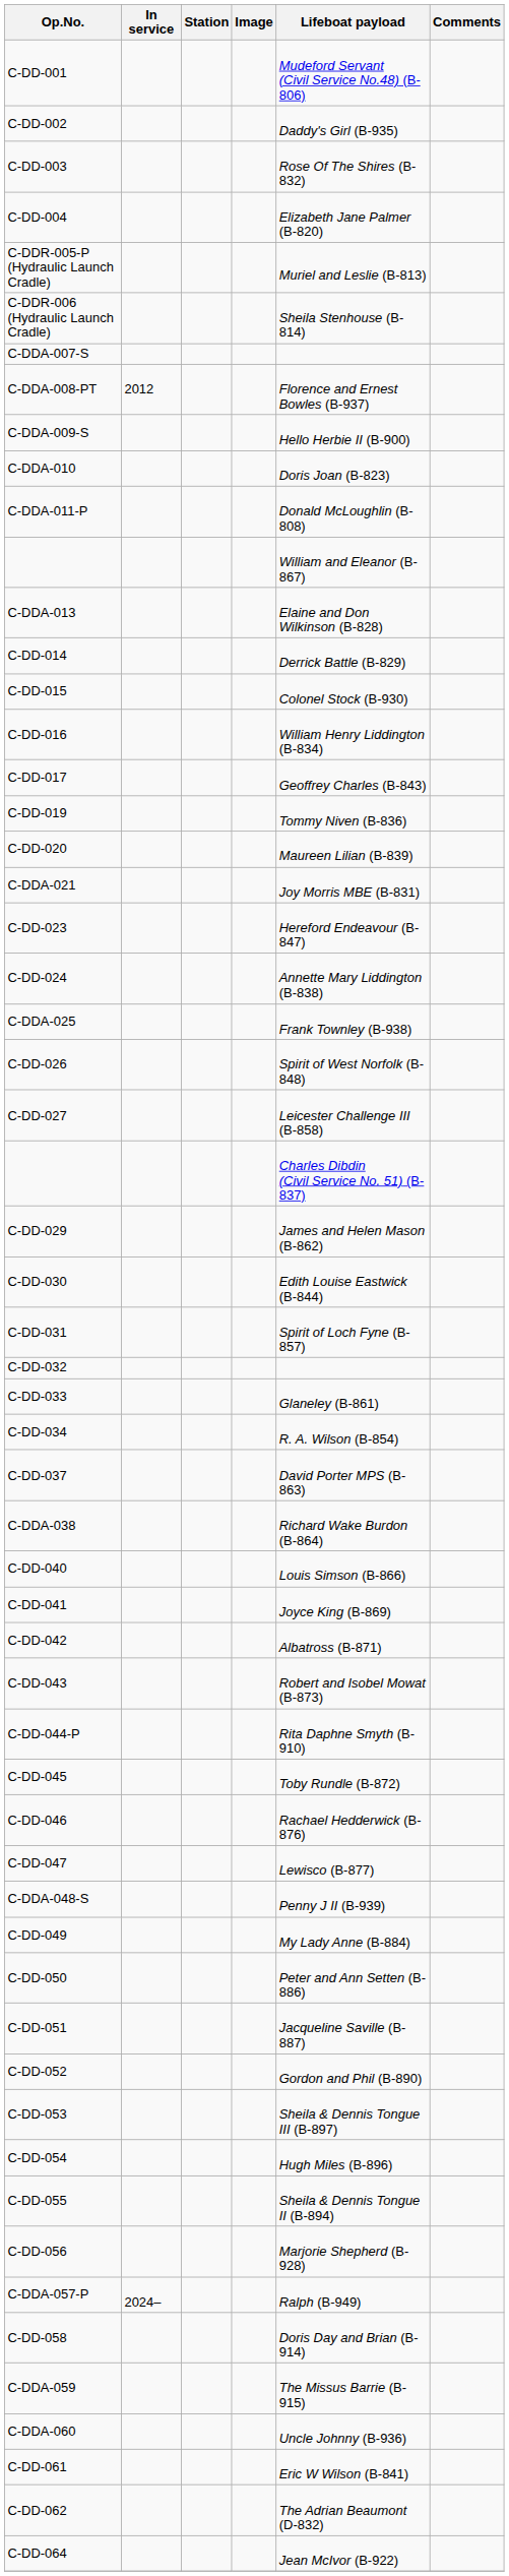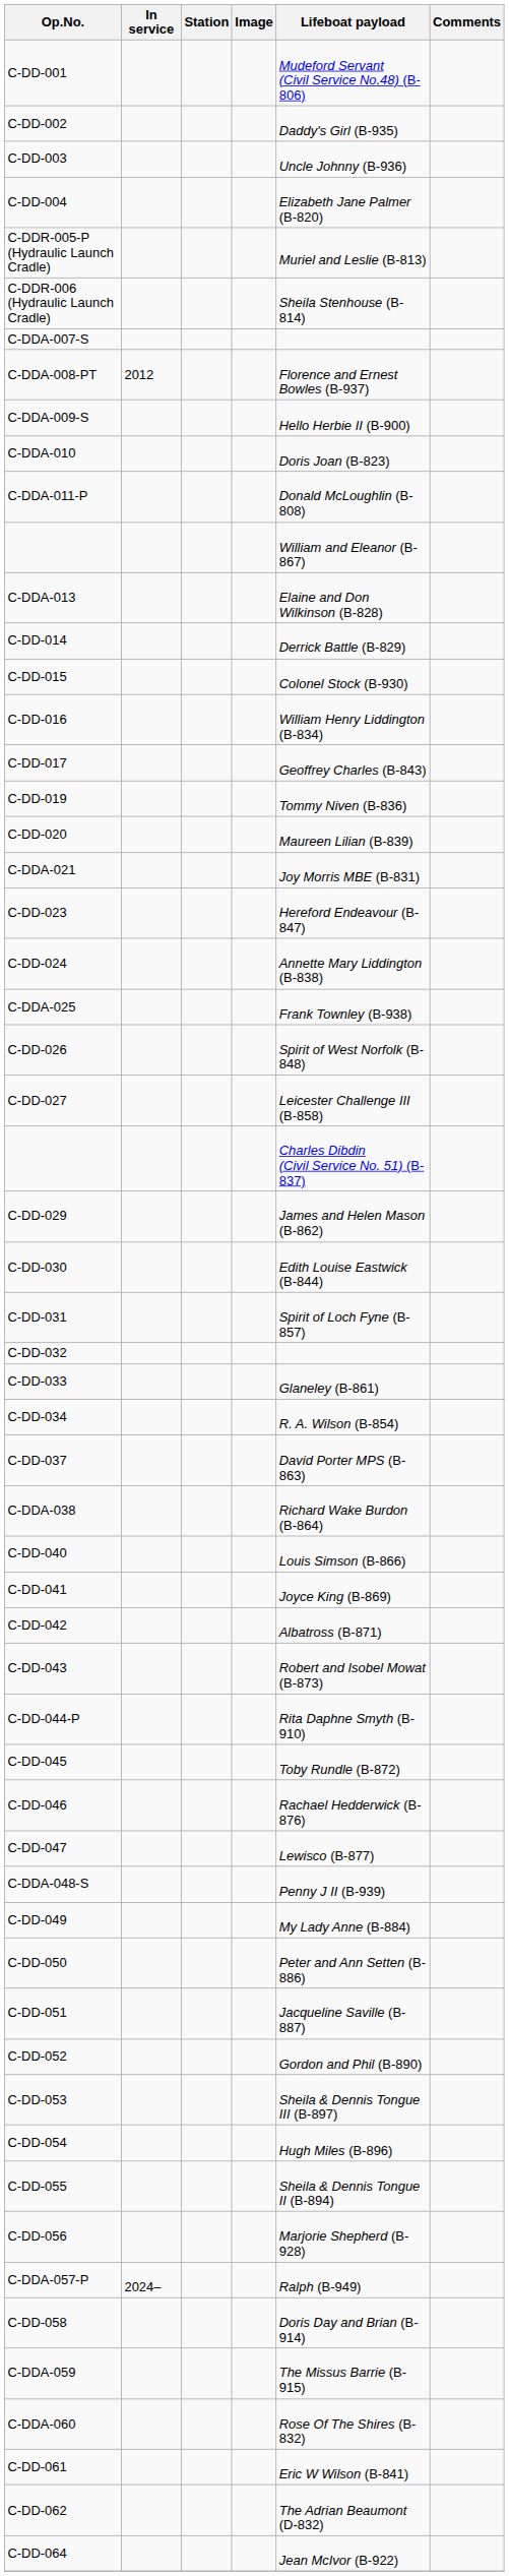 <table class="wikitable">
 <tr>
 <th>Op.No.</th>
 <th>In service</th>
 <th>Station</th>
 <th>Image</th>
 <th>Lifeboat payload</th>
 <th>Comments</th>
 </tr>
 <tr>
 <td>C-DD-001</td>
 <td></td>
 <td></td>
 <td></td>
 <td><br><a href='#'><em>Mudeford Servant<br>(Civil Service No.48)</em> (B-806)</a></td>
 <td></td>
 </tr>
 <tr>
 <td>C-DD-002</td>
 <td></td>
 <td></td>
 <td></td>
 <td><br><em>Daddy's Girl</em> (B-935)</td>
 <td></td>
 </tr>
 <tr>
 <td>C-DD-003</td>
 <td></td>
 <td></td>
 <td></td>
-<td><br><em>Rose Of The Shires</em> (B-832)</td>
+<td><br><em>Uncle Johnny</em> (B-936)</td>
 <td></td>
 </tr>
 <tr>
 <td>C-DD-004</td>
 <td></td>
 <td></td>
 <td></td>
 <td><br><em>Elizabeth Jane Palmer</em> (B-820)</td>
 <td></td>
 </tr>
 <tr>
 <td>C-DDR-005-P <br>(Hydraulic Launch Cradle)</td>
 <td></td>
 <td></td>
 <td></td>
 <td><br><em>Muriel and Leslie</em> (B-813)</td>
 <td></td>
 </tr>
 <tr>
 <td>C-DDR-006 <br>(Hydraulic Launch Cradle)</td>
 <td></td>
 <td></td>
 <td></td>
 <td><br><em>Sheila Stenhouse</em> (B-814)</td>
 <td></td>
 </tr>
 <tr>
 <td>C-DDA-007-S</td>
 <td></td>
 <td></td>
 <td></td>
 <td><br></td>
 <td></td>
 </tr>
 <tr>
 <td>C-DDA-008-PT</td>
 <td>2012</td>
 <td></td>
 <td></td>
 <td><br><em>Florence and Ernest Bowles</em> (B-937)</td>
 <td></td>
 </tr>
 <tr>
 <td>C-DDA-009-S</td>
 <td></td>
 <td></td>
 <td></td>
 <td><br><em>Hello Herbie II</em> (B-900)</td>
 <td></td>
 </tr>
 <tr>
 <td>C-DDA-010</td>
 <td></td>
 <td></td>
 <td></td>
 <td><br><em>Doris Joan</em> (B-823)</td>
 <td></td>
 </tr>
 <tr>
 <td>C-DDA-011-P</td>
 <td></td>
 <td></td>
 <td></td>
 <td><br><em>Donald McLoughlin</em> (B-808)</td>
 <td></td>
 </tr>
 <tr>
 <td></td>
 <td></td>
 <td></td>
 <td></td>
 <td><br><em>William and Eleanor</em> (B-867)</td>
 <td></td>
 </tr>
 <tr>
 <td>C-DDA-013</td>
 <td></td>
 <td></td>
 <td></td>
 <td><br><em>Elaine and Don Wilkinson</em> (B-828)</td>
 <td></td>
 </tr>
 <tr>
 <td>C-DD-014</td>
 <td></td>
 <td></td>
 <td></td>
 <td><br><em>Derrick Battle</em> (B-829)</td>
 <td></td>
 </tr>
 <tr>
 <td>C-DD-015</td>
 <td></td>
 <td></td>
 <td></td>
 <td><br><em>Colonel Stock</em> (B-930)</td>
 <td></td>
 </tr>
 <tr>
 <td>C-DD-016</td>
 <td></td>
 <td></td>
 <td></td>
 <td><br><em>William Henry Liddington</em> (B-834)</td>
 <td></td>
 </tr>
 <tr>
 <td>C-DD-017</td>
 <td></td>
 <td></td>
 <td></td>
 <td><br><em>Geoffrey Charles</em> (B-843)</td>
 <td></td>
 </tr>
 <tr>
 <td>C-DD-019</td>
 <td></td>
 <td></td>
 <td></td>
 <td><br><em>Tommy Niven</em> (B-836)</td>
 <td></td>
 </tr>
 <tr>
 <td>C-DD-020</td>
 <td></td>
 <td></td>
 <td></td>
 <td><br><em>Maureen Lilian</em> (B-839)</td>
 <td></td>
 </tr>
 <tr>
 <td>C-DDA-021</td>
 <td></td>
 <td></td>
 <td></td>
 <td><br><em>Joy Morris MBE</em> (B-831)</td>
 <td></td>
 </tr>
 <tr>
 <td>C-DD-023</td>
 <td></td>
 <td></td>
 <td></td>
 <td><br><em>Hereford Endeavour</em> (B-847)</td>
 <td></td>
 </tr>
 <tr>
 <td>C-DD-024</td>
 <td></td>
 <td></td>
 <td></td>
 <td><br><em>Annette Mary Liddington</em> (B-838)</td>
 <td></td>
 </tr>
 <tr>
 <td>C-DDA-025</td>
 <td></td>
 <td></td>
 <td></td>
 <td><br><em>Frank Townley</em> (B-938)</td>
 <td></td>
 </tr>
 <tr>
 <td>C-DD-026</td>
 <td></td>
 <td></td>
 <td></td>
 <td><br><em>Spirit of West Norfolk</em> (B-848)</td>
 <td></td>
 </tr>
 <tr>
 <td>C-DD-027</td>
 <td></td>
 <td></td>
 <td></td>
 <td><br><em>Leicester Challenge III</em> (B-858)</td>
 <td></td>
 </tr>
 <tr>
 <td></td>
 <td></td>
 <td></td>
 <td></td>
 <td><br><a href='#'><em>Charles Dibdin<br>(Civil Service No. 51)</em> (B-837)</a></td>
 <td></td>
 </tr>
 <tr>
 <td>C-DD-029</td>
 <td></td>
 <td></td>
 <td></td>
 <td><br><em>James and Helen Mason</em> (B-862)</td>
 <td></td>
 </tr>
 <tr>
 <td>C-DD-030</td>
 <td></td>
 <td></td>
 <td></td>
 <td><br><em>Edith Louise Eastwick</em> (B-844)</td>
 <td></td>
 </tr>
 <tr>
 <td>C-DD-031</td>
 <td></td>
 <td></td>
 <td></td>
 <td><br><em>Spirit of Loch Fyne</em> (B-857)</td>
 <td></td>
 </tr>
 <tr>
 <td>C-DD-032</td>
 <td></td>
 <td></td>
 <td></td>
 <td><br></td>
 <td></td>
 </tr>
 <tr>
 <td>C-DD-033</td>
 <td></td>
 <td></td>
 <td></td>
 <td><br><em>Glaneley</em> (B-861)</td>
 <td></td>
 </tr>
 <tr>
 <td>C-DD-034</td>
 <td></td>
 <td></td>
 <td></td>
 <td><br><em>R. A. Wilson</em> (B-854)</td>
 <td></td>
 </tr>
 <tr>
 <td>C-DD-037</td>
 <td></td>
 <td></td>
 <td></td>
 <td><br><em>David Porter MPS</em> (B-863)</td>
 <td></td>
 </tr>
 <tr>
 <td>C-DDA-038</td>
 <td></td>
 <td></td>
 <td></td>
 <td><br><em>Richard Wake Burdon</em> (B-864)</td>
 </tr>
 <tr>
 <td>C-DD-040</td>
 <td></td>
 <td></td>
 <td></td>
 <td><br><em>Louis Simson</em> (B-866)</td>
 <td></td>
 </tr>
 <tr>
 <td>C-DD-041</td>
 <td></td>
 <td></td>
 <td></td>
 <td><br><em>Joyce King</em> (B-869)</td>
 <td></td>
 </tr>
 <tr>
 <td>C-DD-042</td>
 <td></td>
 <td></td>
 <td></td>
 <td><br><em>Albatross</em> (B-871)</td>
 <td></td>
 </tr>
 <tr>
 <td>C-DD-043</td>
 <td></td>
 <td></td>
 <td></td>
 <td><br><em>Robert and Isobel Mowat</em> (B-873)</td>
 <td></td>
 </tr>
 <tr>
 <td>C-DD-044-P</td>
 <td></td>
 <td></td>
 <td></td>
 <td><br><em>Rita Daphne Smyth</em> (B-910)</td>
 <td></td>
 </tr>
 <tr>
 <td>C-DD-045</td>
 <td></td>
 <td></td>
 <td></td>
 <td><br><em>Toby Rundle</em> (B-872)</td>
 <td></td>
 </tr>
 <tr>
 <td>C-DD-046</td>
 <td></td>
 <td></td>
 <td></td>
 <td><br><em>Rachael Hedderwick</em> (B-876)</td>
 <td></td>
 </tr>
 <tr>
 <td>C-DD-047</td>
 <td></td>
 <td></td>
 <td></td>
 <td><br><em>Lewisco</em> (B-877)</td>
 <td></td>
 </tr>
 <tr>
 <td>C-DDA-048-S</td>
 <td></td>
 <td></td>
 <td></td>
 <td><br><em>Penny J II</em> (B-939)</td>
 <td></td>
 </tr>
 <tr>
 <td>C-DD-049</td>
 <td></td>
 <td></td>
 <td></td>
 <td><br><em>My Lady Anne</em> (B-884)</td>
 <td></td>
 </tr>
 <tr>
 <td>C-DD-050</td>
 <td></td>
 <td></td>
 <td></td>
 <td><br><em>Peter and Ann Setten</em> (B-886)</td>
 <td></td>
 </tr>
 <tr>
 <td>C-DD-051</td>
 <td></td>
 <td></td>
 <td></td>
 <td><br><em>Jacqueline Saville</em> (B-887)</td>
 <td></td>
 </tr>
 <tr>
 <td>C-DD-052</td>
 <td></td>
 <td></td>
 <td></td>
 <td><br><em>Gordon and Phil</em> (B-890)</td>
 <td></td>
 </tr>
 <tr>
 <td>C-DD-053</td>
 <td></td>
 <td></td>
 <td></td>
 <td><br><em>Sheila & Dennis Tongue III</em> (B-897)</td>
 <td></td>
 </tr>
 <tr>
 <td>C-DD-054</td>
 <td></td>
 <td></td>
 <td></td>
 <td><br><em>Hugh Miles</em> (B-896)</td>
 <td></td>
 </tr>
 <tr>
 <td>C-DD-055</td>
 <td></td>
 <td></td>
 <td></td>
 <td><br><em>Sheila & Dennis Tongue II</em> (B-894)</td>
 <td></td>
 </tr>
 <tr>
 <td>C-DD-056</td>
 <td></td>
 <td></td>
 <td></td>
 <td><br><em>Marjorie Shepherd</em> (B-928)</td>
 <td></td>
 </tr>
 <tr>
 <td>C-DDA-057-P</td>
 <td><br>2024–</td>
 <td><br></td>
 <td></td>
 <td><br><em>Ralph</em> (B-949)</td>
 <td></td>
 </tr>
 <tr>
 <td>C-DD-058</td>
 <td></td>
 <td></td>
 <td></td>
 <td><br><em>Doris Day and Brian</em> (B-914)</td>
 <td></td>
 </tr>
 <tr>
 <td>C-DDA-059</td>
 <td></td>
 <td></td>
 <td></td>
 <td><br><em>The Missus Barrie</em> (B-915)</td>
 <td></td>
 </tr>
 <tr>
 <td>C-DDA-060</td>
 <td></td>
 <td></td>
 <td></td>
-<td><br><em>Uncle Johnny</em> (B-936)</td>
+<td><br><em>Rose Of The Shires</em> (B-832)</td>
 <td></td>
 </tr>
 <tr>
 <td>C-DD-061</td>
 <td></td>
 <td></td>
 <td></td>
 <td><br><em>Eric W Wilson</em> (B-841)</td>
 <td></td>
 </tr>
 <tr>
 <td>C-DD-062</td>
 <td></td>
 <td></td>
 <td></td>
 <td><br><em>The Adrian Beaumont</em> (D-832)</td>
 <td></td>
 </tr>
 <tr>
 <td>C-DD-064</td>
 <td></td>
 <td></td>
 <td></td>
 <td><br><em>Jean McIvor</em> (B-922)</td>
 <td></td>
 </tr>
 <tr>
 </tr>
 </table>
